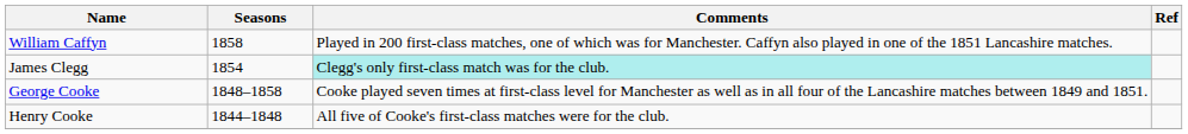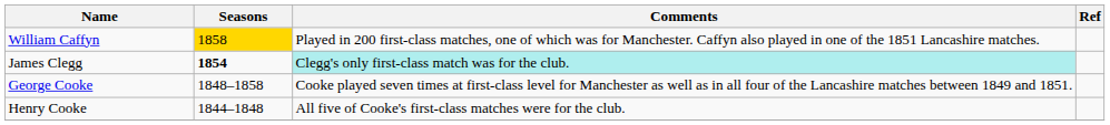 <table class="wikitable">
 <tr>
 <th style="width:200px">Name</th>
 <th style="width: 100px">Seasons</th>
 <th>Comments</th>
 <th>Ref</th>
 </tr>
 <tr>
 <td><a href='#'>William Caffyn</a></td>
-<td>1858</td>
+<td style="background: gold;">1858</td>
 <td>Played in 200 first-class matches, one of which was for Manchester. Caffyn also played in one of the 1851 Lancashire matches.</td>
 <td></td>
 </tr>
 <tr>
 <td>James Clegg</td>
-<td>1854</td>
+<td><strong>1854</strong></td>
 <td style="background: paleturquoise;">Clegg's only first-class match was for the club.</td>
 <td></td>
 </tr>
 <tr>
 <td><a href='#'>George Cooke</a></td>
 <td>1848–1858</td>
 <td>Cooke played seven times at first-class level for Manchester as well as in all four of the Lancashire matches between 1849 and 1851.</td>
 <td></td>
 </tr>
 <tr>
 <td>Henry Cooke</td>
 <td>1844–1848</td>
 <td>All five of Cooke's first-class matches were for the club.</td>
 <td></td>
 </tr>
 <tr>
 </tr>
 </table>
